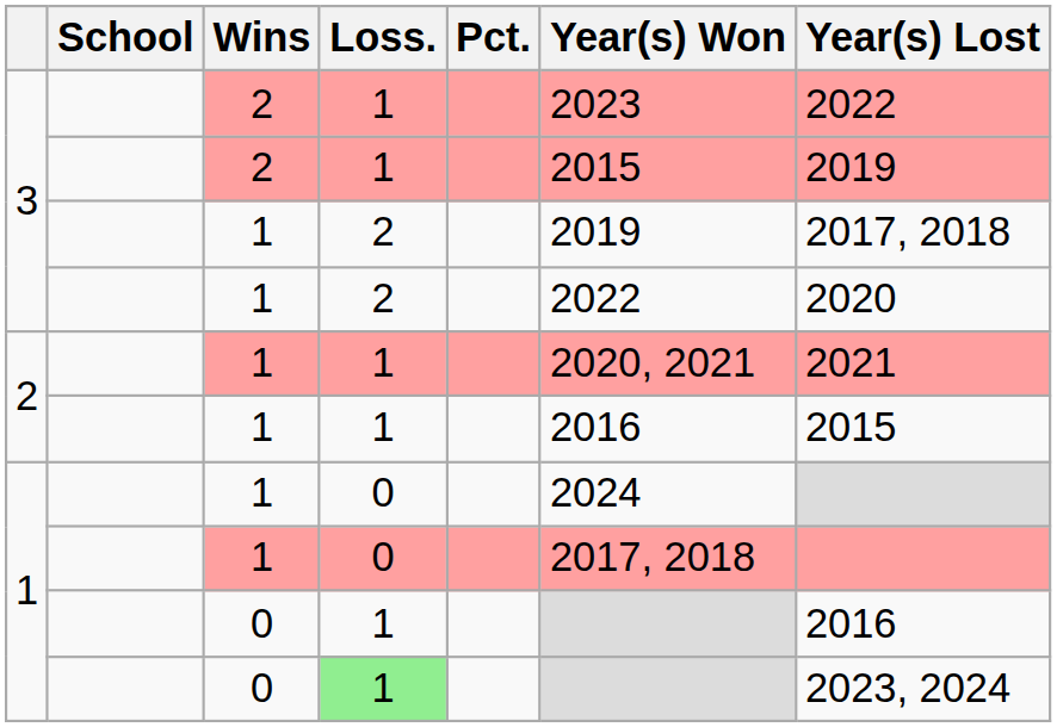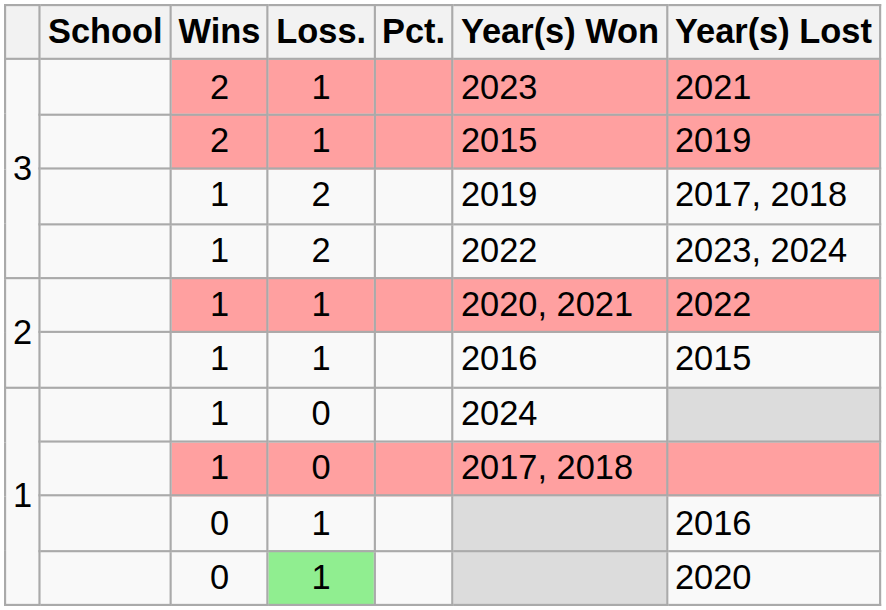 <table class = "wikitable sortable">
 <tr>
 <th width=px></th>
 <th width=px>School</th>
 <th width=px>Wins</th>
 <th width=px>Loss.</th>
 <th width=px>Pct.</th>
 <th width=px>Year(s) Won</th>
 <th width=px>Year(s) Lost</th>
 </tr>
 <tr>
 <td rowspan=4 align=center>3</td>
 <td><a href='#'></a></td>
 <td bgcolor=#ffa0a0 align=center>2</td>
 <td bgcolor=#ffa0a0 align=center>1</td>
 <td bgcolor=#ffa0a0 align=center></td>
 <td bgcolor=#ffa0a0>2023</td>
-<td bgcolor=#ffa0a0>2022</td>
+<td bgcolor=#ffa0a0>2021</td>
 </tr>
 <tr>
 <td><a href='#'></a></td>
 <td bgcolor=#ffa0a0 align=center>2</td>
 <td bgcolor=#ffa0a0 align=center>1</td>
 <td bgcolor=#ffa0a0 align=center></td>
 <td bgcolor=#ffa0a0>2015</td>
 <td bgcolor=#ffa0a0>2019</td>
 </tr>
 <tr>
 <td><a href='#'></a></td>
 <td align=center>1</td>
 <td align=center>2</td>
 <td align=center></td>
 <td>2019</td>
 <td>2017, 2018</td>
 </tr>
 <tr>
 <td><a href='#'></a></td>
 <td align=center>1</td>
 <td align=center>2</td>
 <td align=center></td>
 <td>2022</td>
-<td>2020</td>
+<td>2023, 2024</td>
 </tr>
 <tr>
 <td rowspan=2 align=center>2</td>
 <td><a href='#'></a></td>
 <td bgcolor=#ffa0a0 align=center>1</td>
 <td bgcolor=#ffa0a0 align=center>1</td>
 <td bgcolor=#ffa0a0 align=center></td>
 <td bgcolor=#ffa0a0>2020, 2021</td>
-<td bgcolor=#ffa0a0>2021</td>
+<td bgcolor=#ffa0a0>2022</td>
 </tr>
 <tr>
 <td><a href='#'></a></td>
 <td align=center>1</td>
 <td align=center>1</td>
 <td align=center></td>
 <td>2016</td>
 <td>2015</td>
 </tr>
 <tr>
 <td rowspan=4 align=center>1</td>
 <td><a href='#'></a></td>
 <td align=center>1</td>
 <td align=center>0</td>
 <td align=center></td>
 <td>2024</td>
 <td style="background:#DCDCDC;"> </td>
 </tr>
 <tr>
 <td><a href='#'></a></td>
 <td bgcolor=#ffa0a0 align=center>1</td>
 <td bgcolor=#ffa0a0 align=center>0</td>
 <td bgcolor=#ffa0a0 align=center></td>
 <td bgcolor=#ffa0a0>2017, 2018</td>
 <td bgcolor=#ffa0a0> </td>
 </tr>
 <tr>
 <td><a href='#'></a></td>
 <td align=center>0</td>
 <td align=center>1</td>
 <td align=center></td>
 <td style="background:#DCDCDC;"> </td>
 <td>2016</td>
 </tr>
 <tr>
 <td><a href='#'></a></td>
 <td align=center>0</td>
 <td align=center style="background: lightgreen;">1</td>
 <td align=center></td>
 <td style="background:#DCDCDC;"> </td>
-<td>2023, 2024</td>
+<td>2020</td>
 </tr>
 </table>
